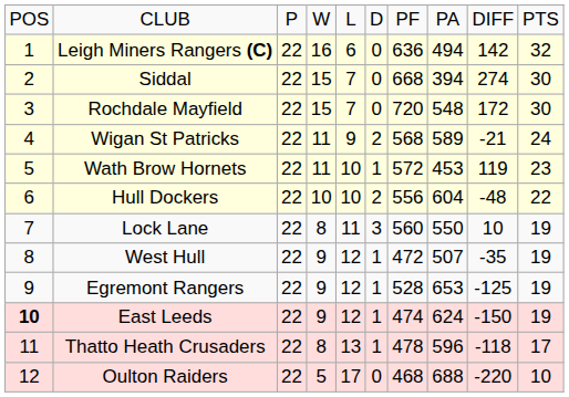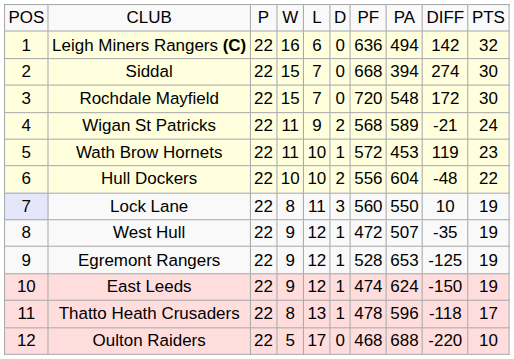 <table class="wikitable" style="text-align: center;">
 <tr>
 <td>POS</td>
 <td>CLUB</td>
 <td>P</td>
 <td>W</td>
 <td>L</td>
 <td>D</td>
 <td>PF</td>
 <td>PA</td>
 <td>DIFF</td>
 <td>PTS</td>
 </tr>
 <tr style="background:#ffffdd;">
 <td>1</td>
 <td>Leigh Miners Rangers <strong>(C)</strong></td>
 <td>22</td>
 <td>16</td>
 <td>6</td>
 <td>0</td>
 <td>636</td>
 <td>494</td>
 <td>142</td>
 <td>32</td>
 </tr>
 <tr style="background:#ffffdd;">
 <td>2</td>
 <td>Siddal</td>
 <td>22</td>
 <td>15</td>
 <td>7</td>
 <td>0</td>
 <td>668</td>
 <td>394</td>
 <td>274</td>
 <td>30</td>
 </tr>
 <tr style="background:#ffffdd;">
 <td>3</td>
 <td>Rochdale Mayfield</td>
 <td>22</td>
 <td>15</td>
 <td>7</td>
 <td>0</td>
 <td>720</td>
 <td>548</td>
 <td>172</td>
 <td>30</td>
 </tr>
 <tr style="background:#ffffdd;">
 <td>4</td>
 <td>Wigan St Patricks</td>
 <td>22</td>
 <td>11</td>
 <td>9</td>
 <td>2</td>
 <td>568</td>
 <td>589</td>
 <td>-21</td>
 <td>24</td>
 </tr>
 <tr style="background:#ffffdd;">
 <td>5</td>
 <td>Wath Brow Hornets</td>
 <td>22</td>
 <td>11</td>
 <td>10</td>
 <td>1</td>
 <td>572</td>
 <td>453</td>
 <td>119</td>
 <td>23</td>
 </tr>
 <tr style="background:#ffffdd;">
 <td>6</td>
 <td>Hull Dockers</td>
 <td>22</td>
 <td>10</td>
 <td>10</td>
 <td>2</td>
 <td>556</td>
 <td>604</td>
 <td>-48</td>
 <td>22</td>
 </tr>
 <tr>
-<td>7</td>
+<td style="background: lavender;">7</td>
 <td>Lock Lane</td>
 <td>22</td>
 <td>8</td>
 <td>11</td>
 <td>3</td>
 <td>560</td>
 <td>550</td>
 <td>10</td>
 <td>19</td>
 </tr>
 <tr>
 <td>8</td>
 <td>West Hull</td>
 <td>22</td>
 <td>9</td>
 <td>12</td>
 <td>1</td>
 <td>472</td>
 <td>507</td>
 <td>-35</td>
 <td>19</td>
 </tr>
 <tr>
 <td>9</td>
 <td>Egremont Rangers</td>
 <td>22</td>
 <td>9</td>
 <td>12</td>
 <td>1</td>
 <td>528</td>
 <td>653</td>
 <td>-125</td>
 <td>19</td>
 </tr>
 <tr style="background:#ffdddd;">
-<td><strong>10</strong></td>
+<td>10</td>
 <td>East Leeds</td>
 <td>22</td>
 <td>9</td>
 <td>12</td>
 <td>1</td>
 <td>474</td>
 <td>624</td>
 <td>-150</td>
 <td>19</td>
 </tr>
 <tr style="background:#ffdddd;">
 <td>11</td>
 <td>Thatto Heath Crusaders</td>
 <td>22</td>
 <td>8</td>
 <td>13</td>
 <td>1</td>
 <td>478</td>
 <td>596</td>
 <td>-118</td>
 <td>17</td>
 </tr>
 <tr style="background:#ffdddd;">
 <td>12</td>
 <td>Oulton Raiders</td>
 <td>22</td>
 <td>5</td>
 <td>17</td>
 <td>0</td>
 <td>468</td>
 <td>688</td>
 <td>-220</td>
 <td>10</td>
 </tr>
 </table>
